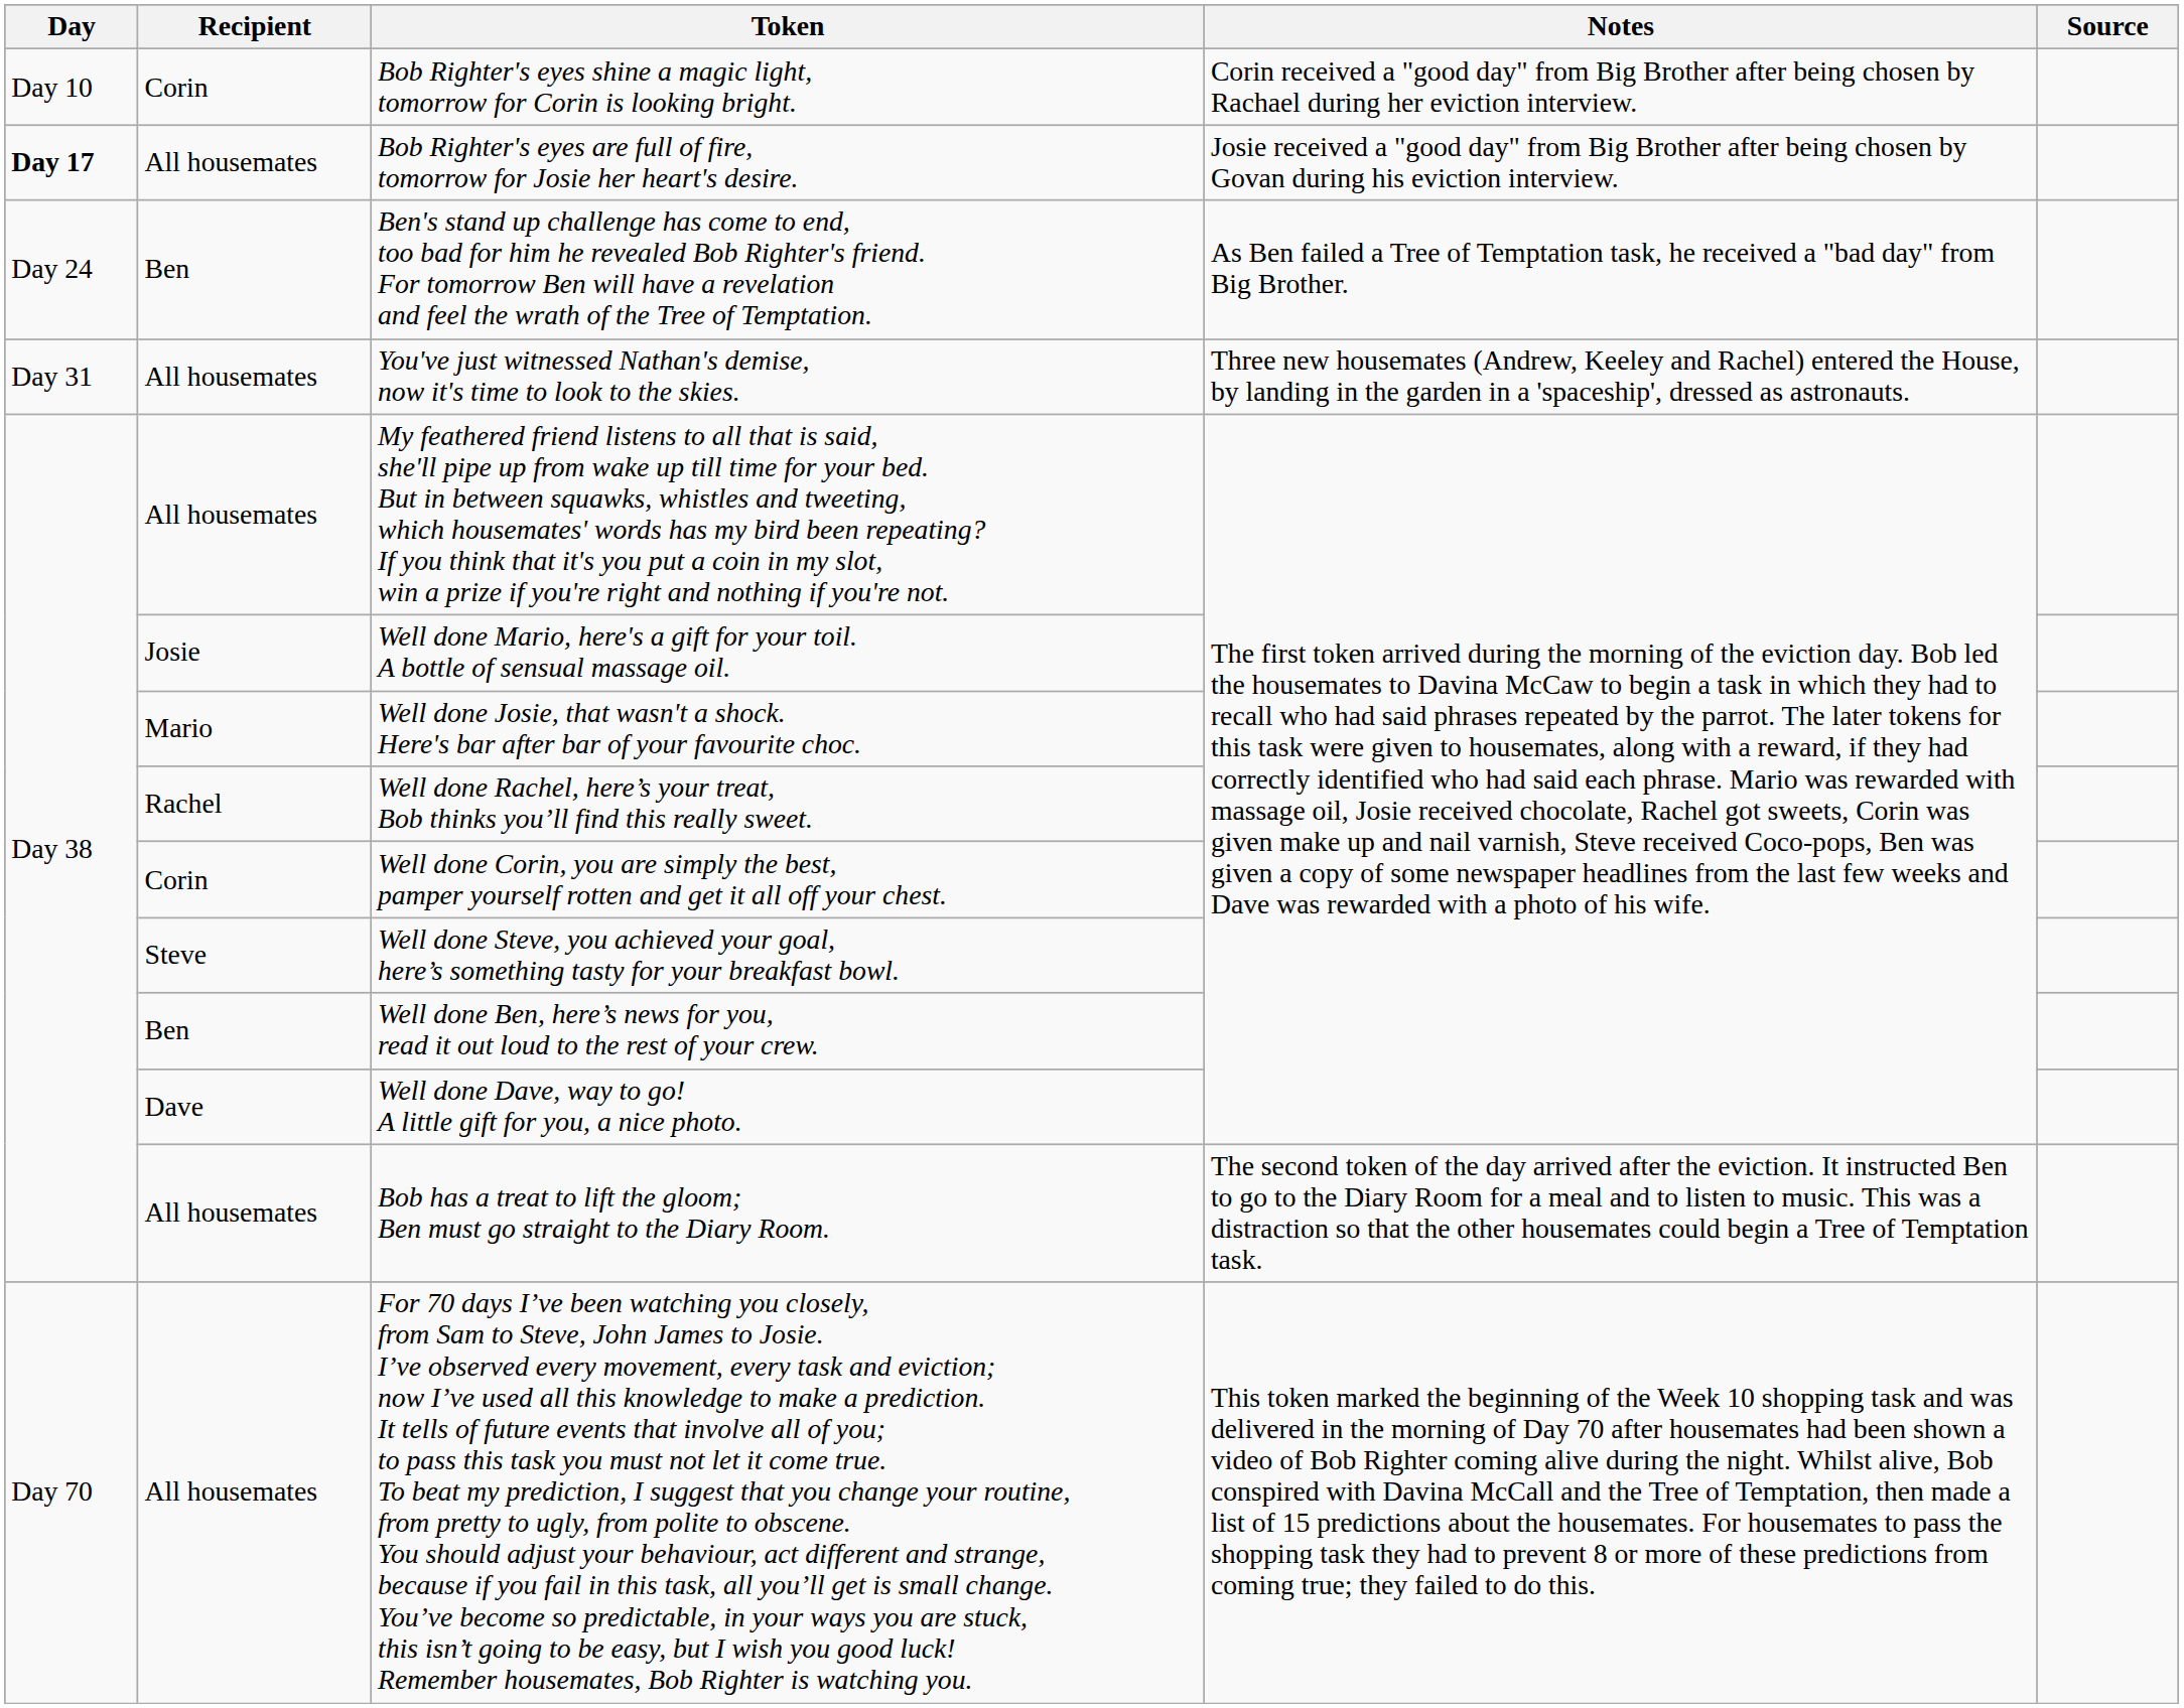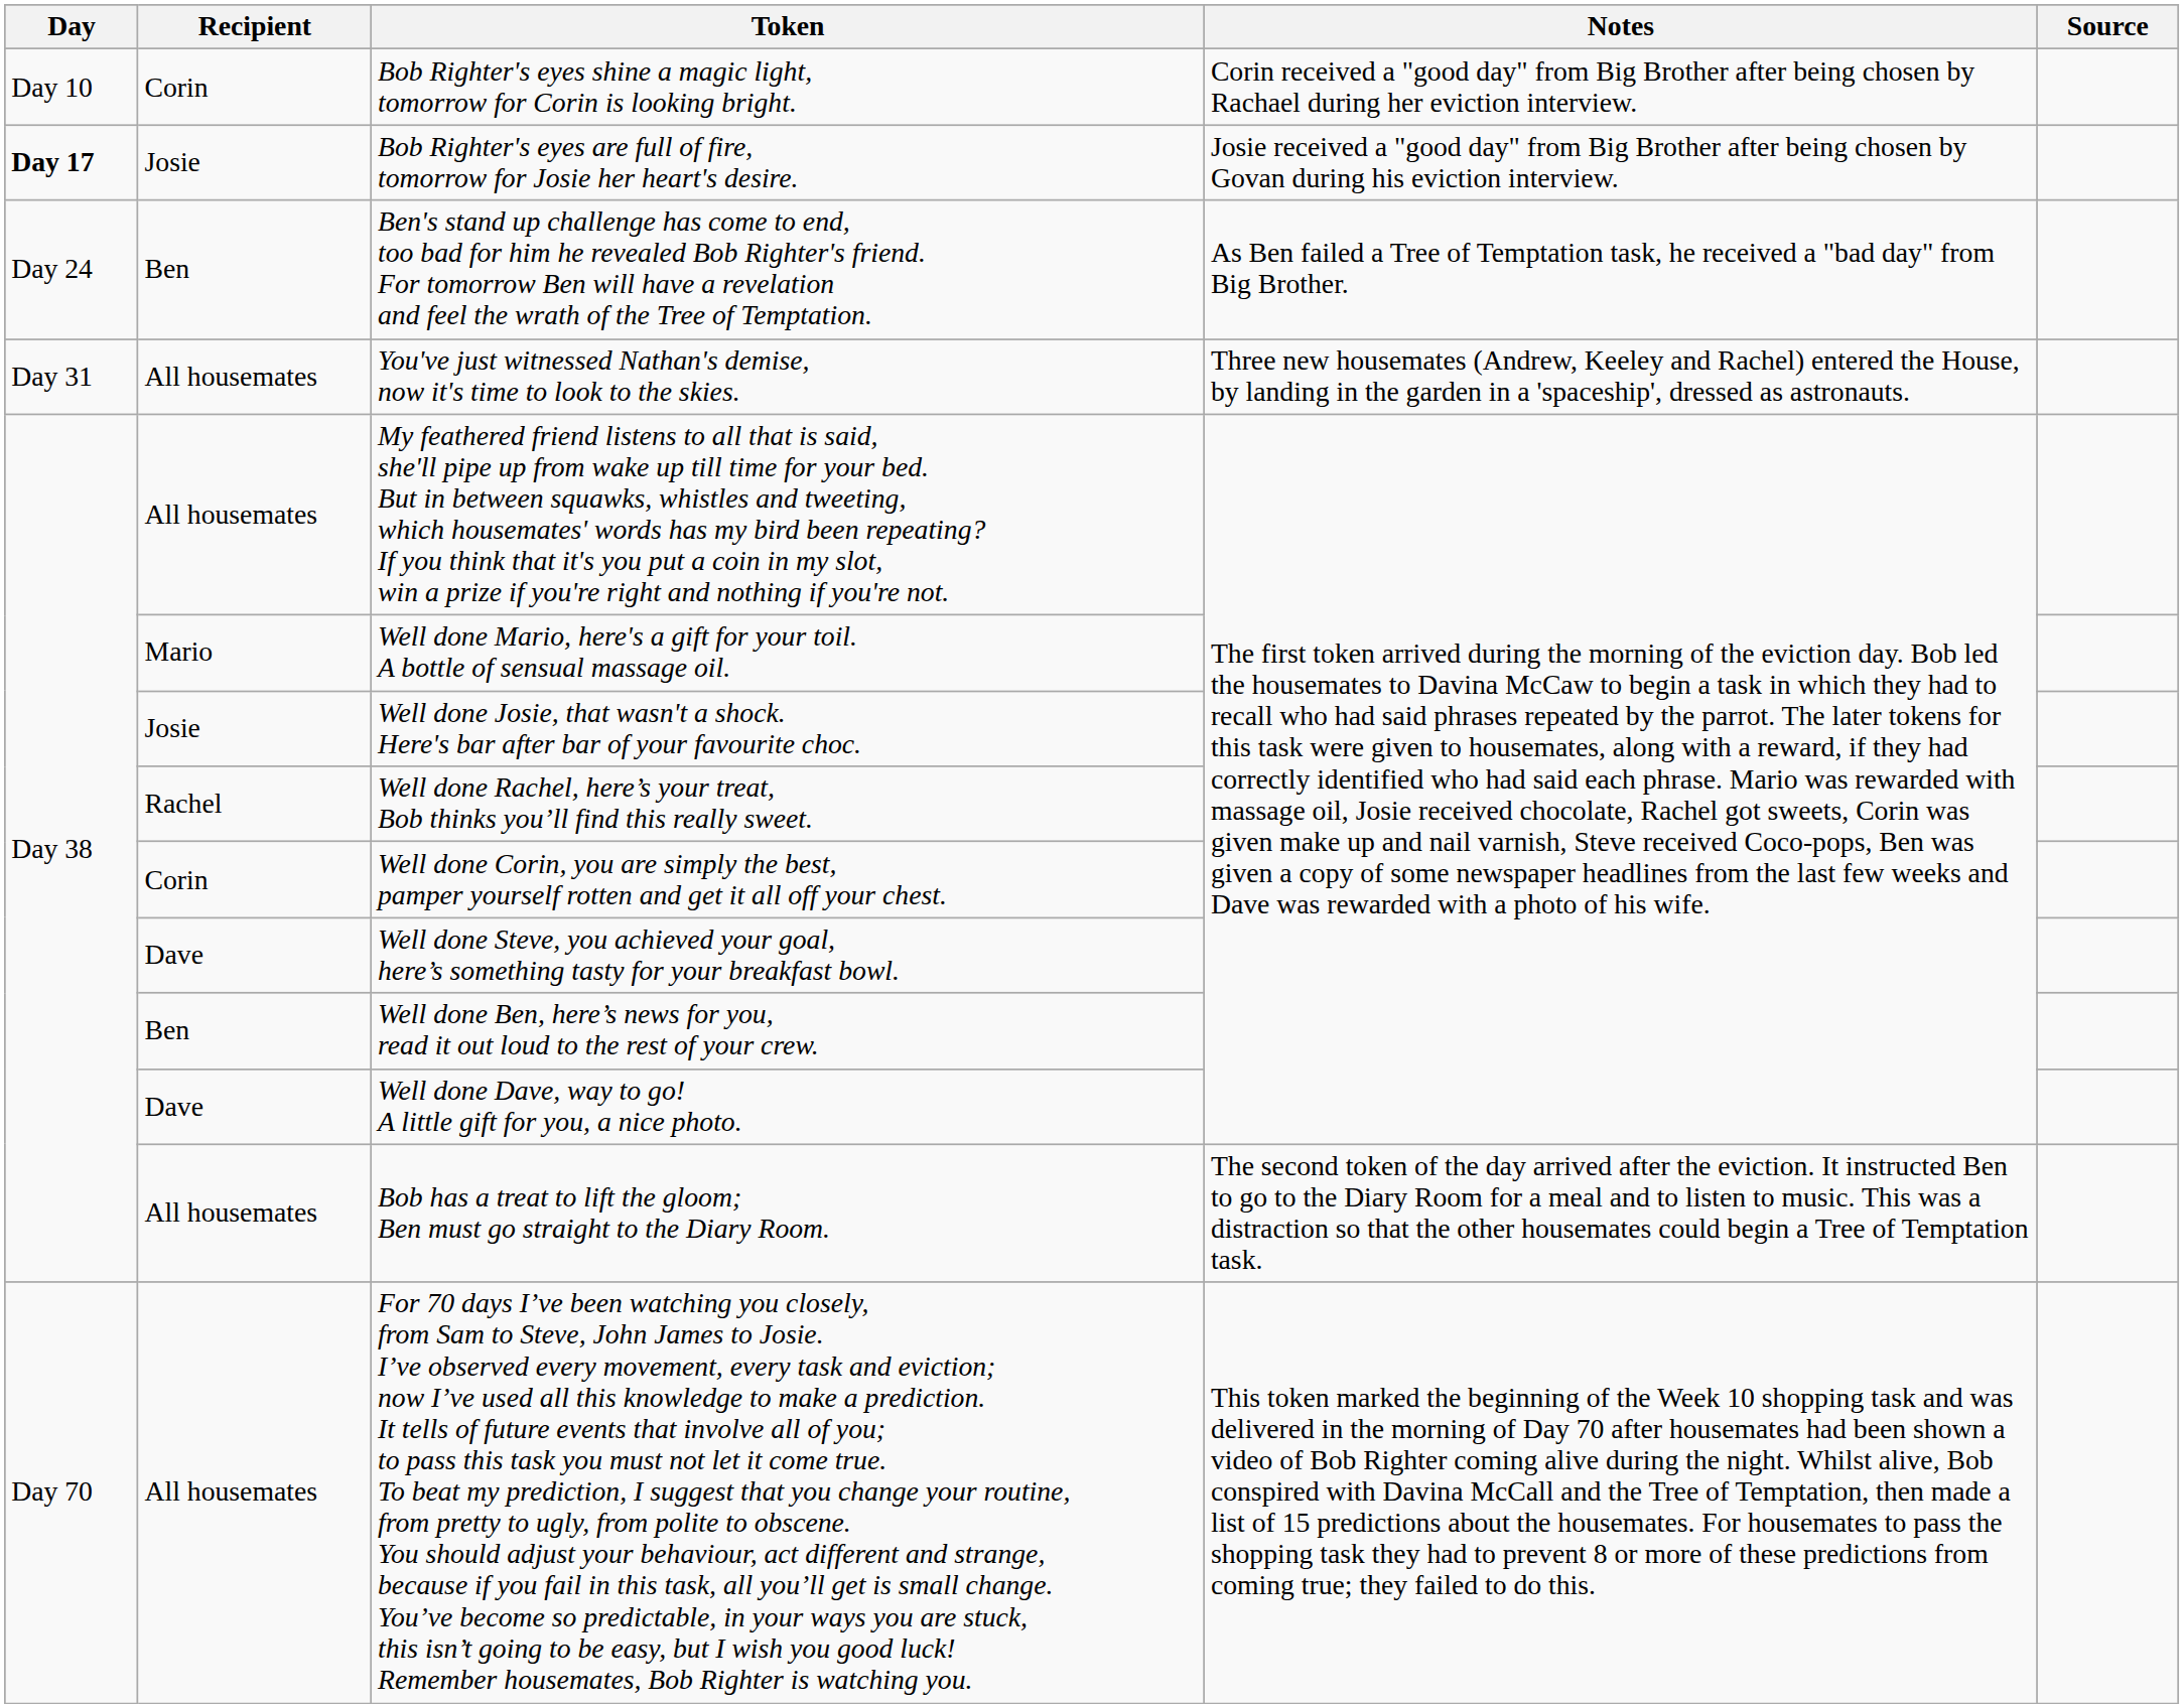 <table class="wikitable">
 <tr>
 <th style="width: 4%;">Day</th>
 <th style="width: 7%;">Recipient</th>
 <th style="width: 25%;">Token</th>
 <th style="width: 25%;">Notes</th>
 <th style="width: 4%;">Source</th>
 </tr>
 <tr>
 <td>Day 10</td>
 <td>Corin</td>
 <td><em>Bob Righter's eyes shine a magic light,<br>tomorrow for Corin is looking bright.</em></td>
 <td>Corin received a "good day" from Big Brother after being chosen by Rachael during her eviction interview.</td>
 <td style="text-align:center"></td>
 </tr>
 <tr>
 <td><strong>Day 17</strong></td>
-<td>All housemates</td>
+<td>Josie</td>
 <td><em>Bob Righter's eyes are full of fire,<br>tomorrow for Josie her heart's desire.</em></td>
 <td>Josie received a "good day" from Big Brother after being chosen by Govan during his eviction interview.</td>
 <td style="text-align:center"></td>
 </tr>
 <tr>
 <td>Day 24</td>
 <td>Ben</td>
 <td><em>Ben's stand up challenge has come to end,<br>too bad for him he revealed Bob Righter's friend.<br>For tomorrow Ben will have a revelation<br>and feel the wrath of the Tree of Temptation.</em></td>
 <td>As Ben failed a Tree of Temptation task, he received a "bad day" from Big Brother.</td>
 <td style="text-align:center"></td>
 </tr>
 <tr>
 <td>Day 31</td>
 <td>All housemates</td>
 <td><em>You've just witnessed Nathan's demise,<br>now it's time to look to the skies.</em></td>
 <td>Three new housemates (Andrew, Keeley and Rachel) entered the House, by landing in the garden in a 'spaceship', dressed as astronauts.</td>
 <td style="text-align:center"></td>
 </tr>
 <tr>
 <td rowspan="9">Day 38</td>
 <td>All housemates</td>
 <td><em>My feathered friend listens to all that is said,<br>she'll pipe up from wake up till time for your bed.<br>But in between squawks, whistles and tweeting,<br>which housemates' words has my bird been repeating?<br>If you think that it's you put a coin in my slot,<br>win a prize if you're right and nothing if you're not.</em></td>
 <td rowspan="8">The first token arrived during the morning of the eviction day. Bob led the housemates to Davina McCaw to begin a task in which they had to recall who had said phrases repeated by the parrot. The later tokens for this task were given to housemates, along with a reward, if they had correctly identified who had said each phrase. Mario was rewarded with massage oil, Josie received chocolate, Rachel got sweets, Corin was given make up and nail varnish, Steve received Coco-pops, Ben was given a copy of some newspaper headlines from the last few weeks and Dave was rewarded with a photo of his wife.</td>
 <td style="text-align:center"></td>
 </tr>
 <tr>
-<td>Josie</td>
+<td>Mario</td>
 <td><em>Well done Mario, here's a gift for your toil.<br>A bottle of sensual massage oil.</em></td>
 <td style="text-align:center"></td>
 </tr>
 <tr>
-<td>Mario</td>
+<td>Josie</td>
 <td><em>Well done Josie, that wasn't a shock.<br>Here's bar after bar of your favourite choc.</em></td>
 <td style="text-align:center"></td>
 </tr>
 <tr>
 <td>Rachel</td>
 <td><em>Well done Rachel, here’s your treat,<br>Bob thinks you’ll find this really sweet.</em></td>
 <td style="text-align:center"></td>
 </tr>
 <tr>
 <td>Corin</td>
 <td><em>Well done Corin, you are simply the best,<br>pamper yourself rotten and get it all off your chest.</em></td>
 <td style="text-align:center"></td>
 </tr>
 <tr>
-<td>Steve</td>
+<td>Dave</td>
 <td><em>Well done Steve, you achieved your goal,<br>here’s something tasty for your breakfast bowl.</em></td>
 <td style="text-align:center"></td>
 </tr>
 <tr>
 <td>Ben</td>
 <td><em>Well done Ben, here’s news for you,<br>read it out loud to the rest of your crew.</em></td>
 <td style="text-align:center"></td>
 </tr>
 <tr>
 <td>Dave</td>
 <td><em>Well done Dave, way to go!<br>A little gift for you, a nice photo.</em></td>
 <td style="text-align:center"></td>
 </tr>
 <tr>
 <td>All housemates</td>
 <td><em>Bob has a treat to lift the gloom;<br>Ben must go straight to the Diary Room.</em></td>
 <td>The second token of the day arrived after the eviction. It instructed Ben to go to the Diary Room for a meal and to listen to music. This was a distraction so that the other housemates could begin a Tree of Temptation task.</td>
 <td style="text-align:center"></td>
 </tr>
 <tr>
 <td>Day 70</td>
 <td>All housemates</td>
 <td><em>For 70 days I’ve been watching you closely,<br>from Sam to Steve, John James to Josie.<br>I’ve observed every movement, every task and eviction;<br>now I’ve used all this knowledge to make a prediction.<br>It tells of future events that involve all of you;<br>to pass this task you must not let it come true.<br>To beat my prediction, I suggest that you change your routine,<br>from pretty to ugly, from polite to obscene.<br>You should adjust your behaviour, act different and strange,<br>because if you fail in this task, all you’ll get is small change.<br>You’ve become so predictable, in your ways you are stuck,<br>this isn’t going to be easy, but I wish you good luck!<br>Remember housemates, Bob Righter is watching you.</em></td>
 <td>This token marked the beginning of the Week 10 shopping task and was delivered in the morning of Day 70 after housemates had been shown a video of Bob Righter coming alive during the night. Whilst alive, Bob conspired with Davina McCall and the Tree of Temptation, then made a list of 15 predictions about the housemates. For housemates to pass the shopping task they had to prevent 8 or more of these predictions from coming true; they failed to do this.</td>
 <td style="text-align:center"></td>
 </tr>
 </table>
